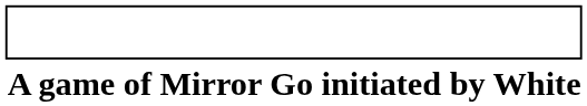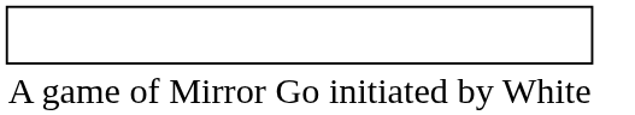 <table style="display:inline; display:inline-table;">
 <tr>
 <td style="border: solid thin; padding: 3px;"><br></td>
 </tr>
 <tr>
-<td style="text-align:center"><strong>A game of Mirror Go initiated by White</strong></td>
+<td style="text-align:center">A game of Mirror Go initiated by White</td>
 </tr>
 </table>
